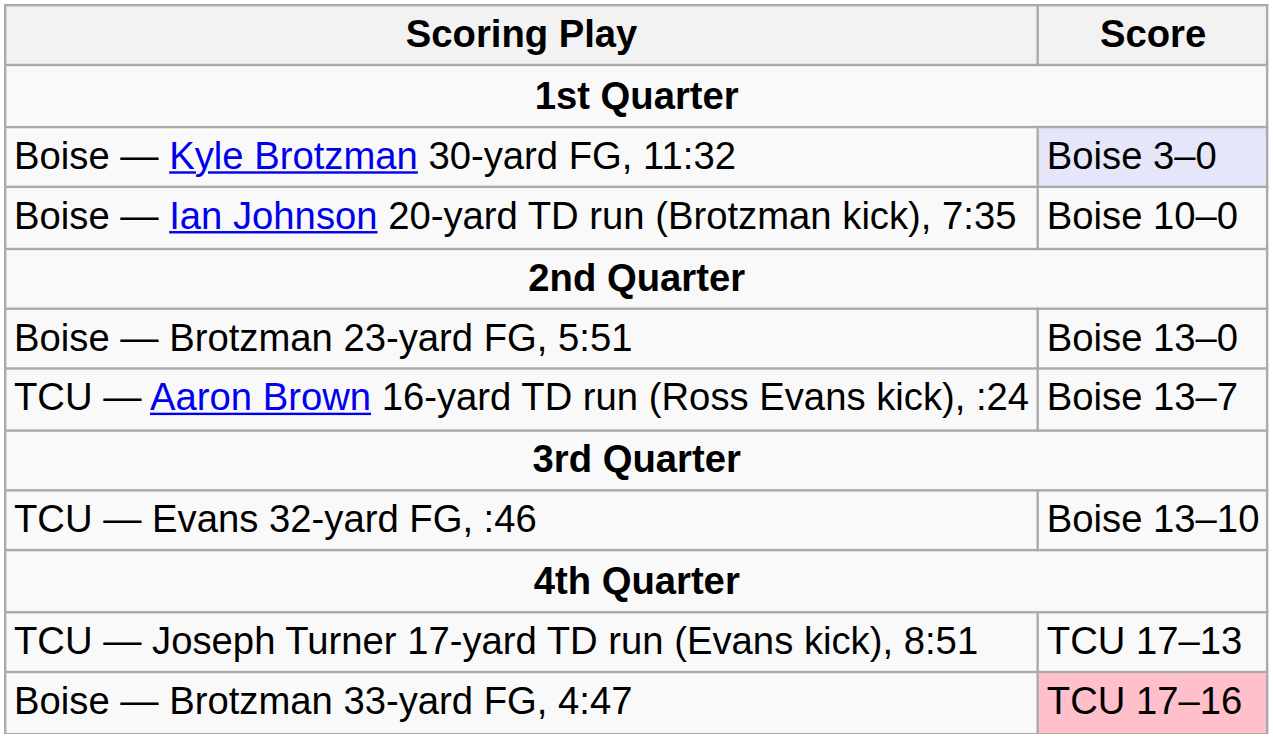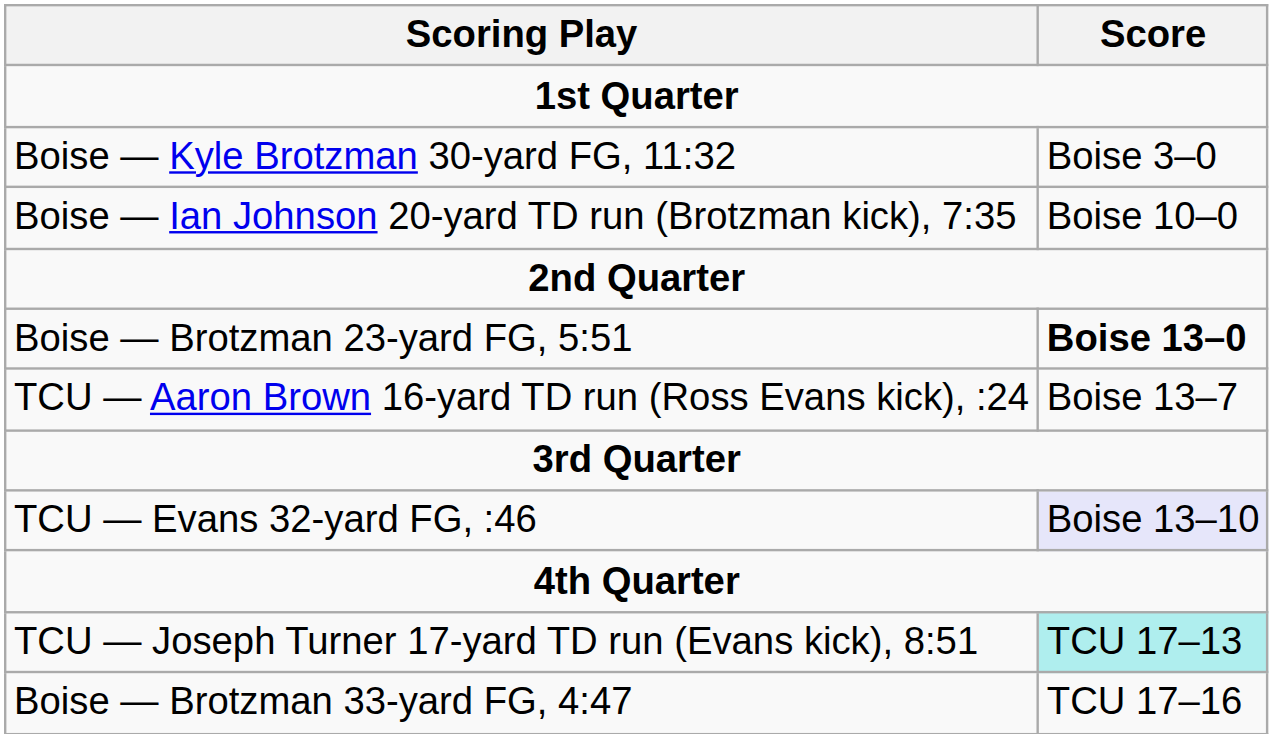 <table class="wikitable">
 <tr>
 <th>Scoring Play</th>
 <th>Score</th>
 </tr>
 <tr>
 <td colspan="4" align="center"><strong>1st Quarter</strong></td>
 </tr>
 <tr>
 <td>Boise — <a href='#'>Kyle Brotzman</a> 30-yard FG, 11:32</td>
-<td style="background: lavender;">Boise 3–0</td>
+<td>Boise 3–0</td>
 </tr>
 <tr>
 <td>Boise — <a href='#'>Ian Johnson</a> 20-yard TD run (Brotzman kick), 7:35</td>
 <td>Boise 10–0</td>
 </tr>
 <tr>
 <td colspan="4" align="center"><strong>2nd Quarter</strong></td>
 </tr>
 <tr>
 <td>Boise — Brotzman 23-yard FG, 5:51</td>
-<td>Boise 13–0</td>
+<td><strong>Boise 13–0</strong></td>
 </tr>
 <tr>
 <td>TCU — <a href='#'>Aaron Brown</a> 16-yard TD run (Ross Evans kick), :24</td>
 <td>Boise 13–7</td>
 </tr>
 <tr>
 <td colspan="4" align="center"><strong>3rd Quarter</strong></td>
 </tr>
 <tr>
 <td>TCU — Evans 32-yard FG, :46</td>
-<td>Boise 13–10</td>
+<td style="background: lavender;">Boise 13–10</td>
 </tr>
 <tr>
 <td colspan="4" align="center"><strong>4th Quarter</strong></td>
 </tr>
 <tr>
 <td>TCU — Joseph Turner 17-yard TD run (Evans kick), 8:51</td>
-<td>TCU 17–13</td>
+<td style="background: paleturquoise;">TCU 17–13</td>
 </tr>
 <tr>
 <td>Boise — Brotzman 33-yard FG, 4:47</td>
-<td style="background: pink;">TCU 17–16</td>
+<td>TCU 17–16</td>
 </tr>
 </table>
